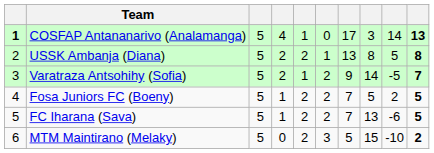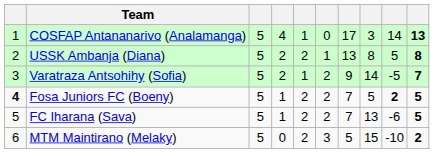 <table class="wikitable" style="text-align: center;">
 <tr>
 <th width=20></th>
 <th>Team</th>
 <th width=20></th>
 <th width=20></th>
 <th width=20></th>
 <th width=20></th>
 <th width=20></th>
 <th width=20></th>
 <th width=20></th>
 <th width=20></th>
 </tr>
 <tr bgcolor=#ccffcc>
-<td><strong>1</strong></td>
+<td>1</td>
 <td align=left><a href='#'>COSFAP Antananarivo</a> (<a href='#'>Analamanga</a>)</td>
 <td>5</td>
 <td>4</td>
 <td>1</td>
 <td>0</td>
 <td>17</td>
 <td>3</td>
 <td>14</td>
 <td><strong>13</strong></td>
 </tr>
 <tr bgcolor=#ccffcc>
 <td>2</td>
 <td align=left><a href='#'>USSK Ambanja</a> (<a href='#'>Diana</a>)</td>
 <td>5</td>
 <td>2</td>
 <td>2</td>
 <td>1</td>
 <td>13</td>
 <td>8</td>
 <td>5</td>
 <td><strong>8</strong></td>
 </tr>
 <tr bgcolor=#ccffcc>
 <td>3</td>
 <td align=left><a href='#'>Varatraza Antsohihy</a> (<a href='#'>Sofia</a>)</td>
 <td>5</td>
 <td>2</td>
 <td>1</td>
 <td>2</td>
 <td>9</td>
 <td>14</td>
 <td>-5</td>
 <td><strong>7</strong></td>
 </tr>
 <tr>
-<td>4</td>
+<td><strong>4</strong></td>
 <td align=left><a href='#'>Fosa Juniors FC</a> (<a href='#'>Boeny</a>)</td>
 <td>5</td>
 <td>1</td>
 <td>2</td>
 <td>2</td>
 <td>7</td>
 <td>5</td>
-<td>2</td>
+<td><strong>2</strong></td>
 <td><strong>5</strong></td>
 </tr>
 <tr>
 <td>5</td>
 <td align=left><a href='#'>FC Iharana</a> (<a href='#'>Sava</a>)</td>
 <td>5</td>
 <td>1</td>
 <td>2</td>
 <td>2</td>
 <td>7</td>
 <td>13</td>
 <td>-6</td>
 <td><strong>5</strong></td>
 </tr>
 <tr>
 <td>6</td>
 <td align=left><a href='#'>MTM Maintirano</a> (<a href='#'>Melaky</a>)</td>
 <td>5</td>
 <td>0</td>
 <td>2</td>
 <td>3</td>
 <td>5</td>
 <td>15</td>
 <td>-10</td>
 <td><strong>2</strong></td>
 </tr>
 </table>
